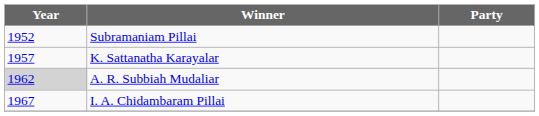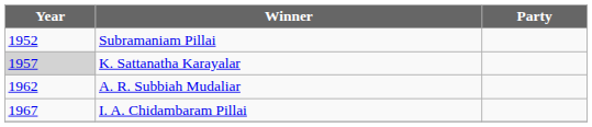 <table class="wikitable" width="50%">
 <tr>
 <th style="background-color:#666666; color:white">Year</th>
 <th style="background-color:#666666; color:white">Winner</th>
 <th style="background-color:#666666; color:white" colspan="2">Party</th>
 </tr>
 <tr>
 <td><a href='#'>1952</a></td>
 <td><a href='#'>Subramaniam Pillai</a></td>
 <td></td>
 </tr>
 <tr>
-<td><a href='#'>1957</a></td>
+<td style="background: lightgrey;"><a href='#'>1957</a></td>
 <td><a href='#'>K. Sattanatha Karayalar</a></td>
 <td></td>
 </tr>
 <tr>
-<td style="background: lightgrey;"><a href='#'>1962</a></td>
+<td><a href='#'>1962</a></td>
 <td><a href='#'>A. R. Subbiah Mudaliar</a></td>
 <td></td>
 </tr>
 <tr>
 <td><a href='#'>1967</a></td>
 <td><a href='#'>I. A. Chidambaram Pillai</a></td>
 <td></td>
 </tr>
 <tr>
 </tr>
 </table>
